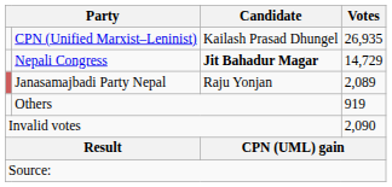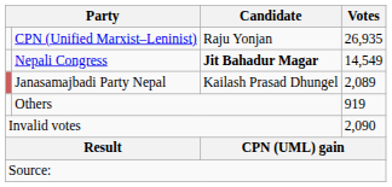 <table class="wikitable">
 <tr>
 <th colspan="2">Party</th>
 <th>Candidate</th>
 <th>Votes</th>
 </tr>
 <tr>
 <td style="background-color:"></td>
 <td><a href='#'>CPN (Unified Marxist–Leninist)</a></td>
-<td>Kailash Prasad Dhungel</td>
+<td>Raju Yonjan</td>
 <td>26,935</td>
 </tr>
 <tr>
 <td style="background-color:"></td>
 <td><a href='#'>Nepali Congress</a></td>
 <td><strong>Jit Bahadur Magar</strong></td>
-<td>14,729</td>
+<td>14,549</td>
 </tr>
 <tr>
 <td style="background-color:indianred"></td>
 <td>Janasamajbadi Party Nepal</td>
-<td>Raju Yonjan</td>
+<td>Kailash Prasad Dhungel</td>
 <td>2,089</td>
 </tr>
 <tr>
 <td></td>
 <td colspan="2">Others</td>
 <td>919</td>
 </tr>
 <tr>
 <td colspan="3">Invalid votes</td>
 <td>2,090</td>
 </tr>
 <tr>
 <th colspan="2">Result</th>
 <th colspan="2">CPN (UML) gain</th>
 </tr>
 <tr>
 <td colspan="4">Source: </td>
 </tr>
 </table>
